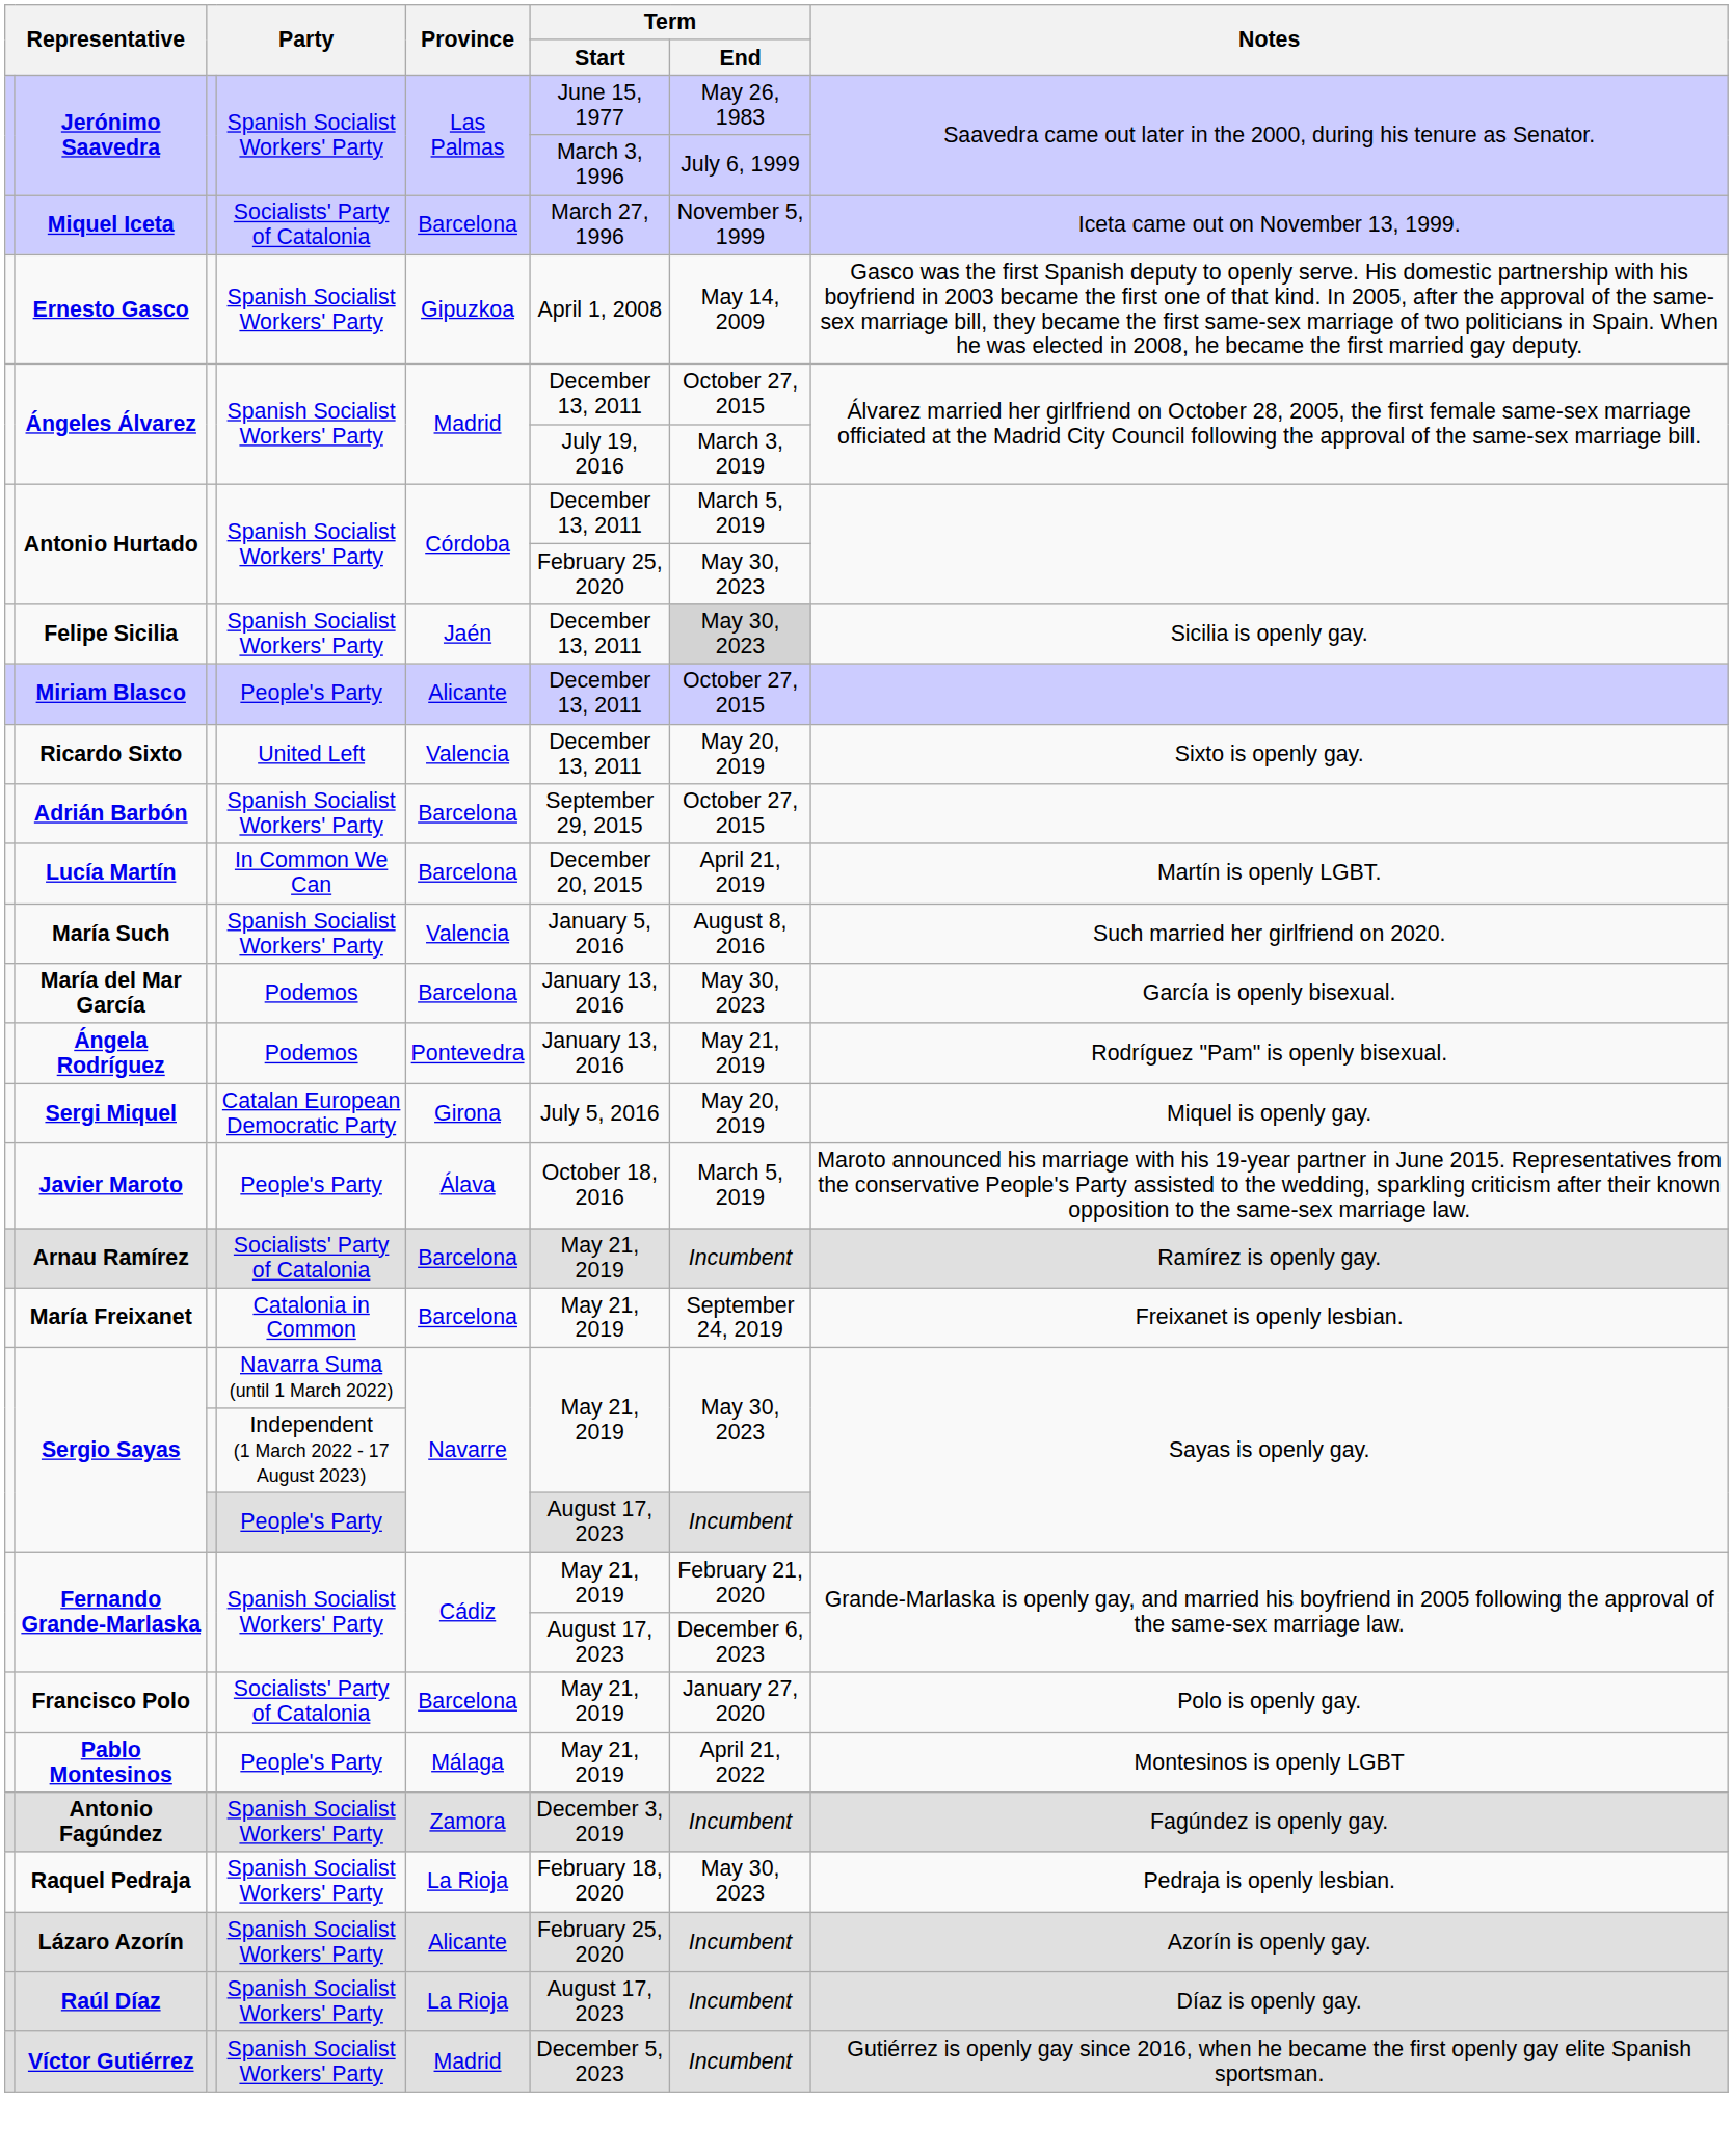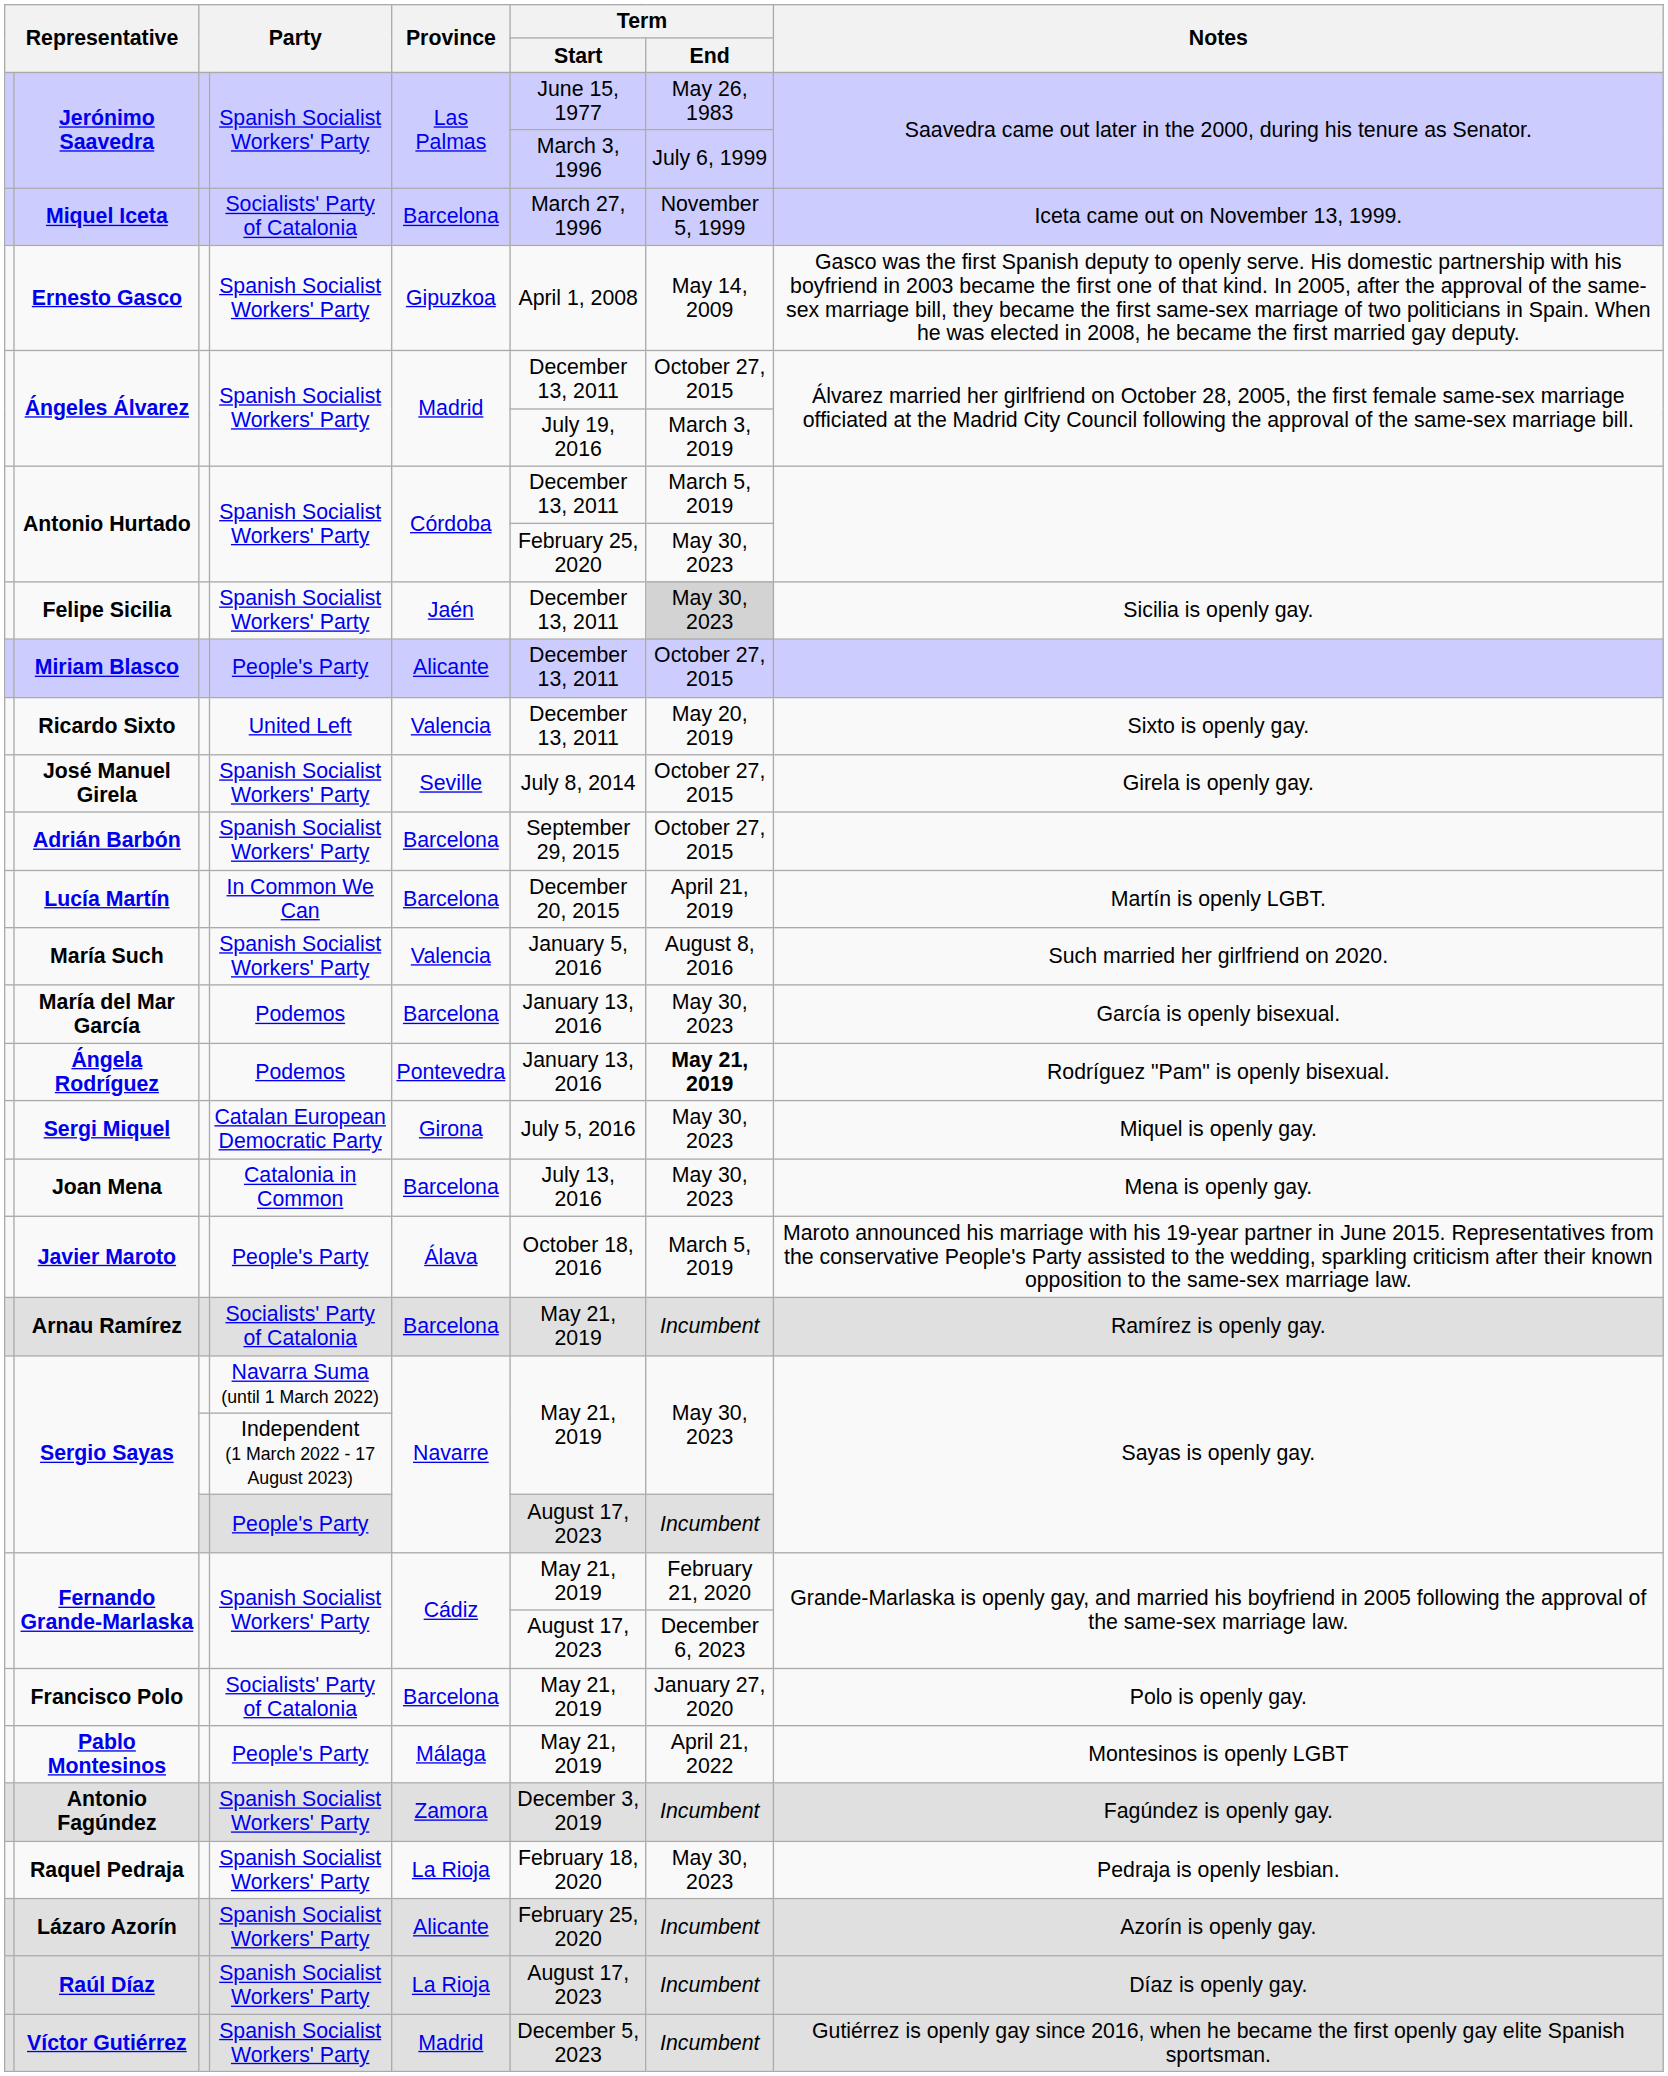 <table class="wikitable sortable" style="text-align:center">
 <tr>
 <th colspan="2" rowspan="2">Representative</th>
 <th colspan="2" rowspan="2">Party</th>
 <th rowspan="2">Province</th>
 <th colspan="2">Term</th>
 <th rowspan="2">Notes</th>
 </tr>
 <tr>
 <th>Start</th>
 <th>End</th>
 </tr>
 <tr style="background:#CCF">
 <td rowspan="2"></td>
 <td rowspan="2"><strong><a href='#'>Jerónimo Saavedra</a></strong></td>
 <td rowspan="2" style="background-color:"></td>
 <td rowspan="2"><a href='#'>Spanish Socialist Workers' Party</a></td>
 <td rowspan="2"><a href='#'>Las Palmas</a></td>
 <td>June 15, 1977</td>
 <td>May 26, 1983</td>
 <td rowspan="2">Saavedra came out later in the 2000, during his tenure as Senator.</td>
 </tr>
 <tr style="background:#CCF">
 <td>March 3, 1996</td>
 <td>July 6, 1999</td>
 </tr>
 <tr style="background:#CCF">
 <td></td>
 <td><strong><a href='#'>Miquel Iceta</a></strong></td>
 <td style="background-color:"></td>
 <td><a href='#'>Socialists' Party of Catalonia</a></td>
 <td><a href='#'>Barcelona</a></td>
 <td>March 27, 1996</td>
 <td>November 5, 1999</td>
 <td>Iceta came out on November 13, 1999.</td>
 </tr>
 <tr>
 <td></td>
 <td><strong><a href='#'>Ernesto Gasco</a></strong></td>
 <td style="background-color:"></td>
 <td><a href='#'>Spanish Socialist Workers' Party</a></td>
 <td><a href='#'>Gipuzkoa</a></td>
 <td>April 1, 2008</td>
 <td>May 14, 2009</td>
 <td>Gasco was the first Spanish deputy to openly serve. His domestic partnership with his boyfriend in 2003 became the first one of that kind. In 2005, after the approval of the same-sex marriage bill, they became the first same-sex marriage of two politicians in Spain. When he was elected in 2008, he became the first married gay deputy.</td>
 </tr>
 <tr>
 <td rowspan="2"></td>
 <td rowspan="2"><strong><a href='#'>Ángeles Álvarez</a></strong></td>
 <td rowspan="2" style="background-color:"></td>
 <td rowspan="2"><a href='#'>Spanish Socialist Workers' Party</a></td>
 <td rowspan="2"><a href='#'>Madrid</a></td>
 <td>December 13, 2011</td>
 <td>October 27, 2015</td>
 <td rowspan="2">Álvarez married her girlfriend on October 28, 2005, the first female same-sex marriage officiated at the Madrid City Council following the approval of the same-sex marriage bill.</td>
 </tr>
 <tr>
 <td>July 19, 2016</td>
 <td>March 3, 2019</td>
 </tr>
 <tr>
 <td rowspan="2"></td>
 <td rowspan="2"><strong>Antonio Hurtado</strong></td>
 <td rowspan="2" style="background-color:"></td>
 <td rowspan="2"><a href='#'>Spanish Socialist Workers' Party</a></td>
 <td rowspan="2"><a href='#'>Córdoba</a></td>
 <td>December 13, 2011</td>
 <td>March 5, 2019</td>
 <td rowspan="2"></td>
 </tr>
 <tr>
 <td>February 25, 2020</td>
 <td>May 30, 2023</td>
 </tr>
 <tr>
 <td></td>
 <td><strong>Felipe Sicilia</strong></td>
 <td style="background-color:"></td>
 <td><a href='#'>Spanish Socialist Workers' Party</a></td>
 <td><a href='#'>Jaén</a></td>
 <td>December 13, 2011</td>
 <td style="background: lightgrey;">May 30, 2023</td>
 <td>Sicilia is openly gay.</td>
 </tr>
 <tr style="background:#CCF">
 <td></td>
 <td><strong><a href='#'>Miriam Blasco</a></strong></td>
 <td style="background-color:"></td>
 <td><a href='#'>People's Party</a></td>
 <td><a href='#'>Alicante</a></td>
 <td>December 13, 2011</td>
 <td>October 27, 2015</td>
 <td></td>
 </tr>
 <tr>
 <td></td>
 <td><strong>Ricardo Sixto</strong></td>
 <td style="background-color:"></td>
 <td><a href='#'>United Left</a></td>
 <td><a href='#'>Valencia</a></td>
 <td>December 13, 2011</td>
 <td>May 20, 2019</td>
 <td>Sixto is openly gay.</td>
 </tr>
 <tr>
 <td></td>
+<td><strong>José Manuel Girela</strong></td>
+<td style="background-color:"></td>
+<td><a href='#'>Spanish Socialist Workers' Party</a></td>
+<td><a href='#'>Seville</a></td>
+<td>July 8, 2014</td>
+<td>October 27, 2015</td>
+<td>Girela is openly gay.</td>
+</tr>
+<tr>
+<td></td>
 <td><strong><a href='#'>Adrián Barbón</a></strong></td>
 <td style="background-color:"></td>
 <td><a href='#'>Spanish Socialist Workers' Party</a></td>
 <td><a href='#'>Barcelona</a></td>
 <td>September 29, 2015</td>
 <td>October 27, 2015</td>
 <td></td>
 </tr>
 <tr>
 <td></td>
 <td><strong><a href='#'>Lucía Martín</a></strong></td>
 <td style="background-color:"></td>
 <td><a href='#'>In Common We Can</a></td>
 <td><a href='#'>Barcelona</a></td>
 <td>December 20, 2015</td>
 <td>April 21, 2019</td>
 <td>Martín is openly LGBT.</td>
 </tr>
 <tr>
 <td></td>
 <td><strong>María Such</strong></td>
 <td style="background-color:"></td>
 <td><a href='#'>Spanish Socialist Workers' Party</a></td>
 <td><a href='#'>Valencia</a></td>
 <td>January 5, 2016</td>
 <td>August 8, 2016</td>
 <td>Such married her girlfriend on 2020.</td>
 </tr>
 <tr>
 <td></td>
 <td><strong>María del Mar García</strong></td>
 <td style="background-color:"></td>
 <td><a href='#'>Podemos</a></td>
 <td><a href='#'>Barcelona</a></td>
 <td>January 13, 2016</td>
 <td>May 30, 2023</td>
 <td>García is openly bisexual.</td>
 </tr>
 <tr>
 <td></td>
 <td><strong><a href='#'>Ángela Rodríguez</a></strong></td>
 <td style="background-color:"></td>
 <td><a href='#'>Podemos</a></td>
 <td><a href='#'>Pontevedra</a></td>
 <td>January 13, 2016</td>
-<td>May 21, 2019</td>
+<td><strong>May 21, 2019</strong></td>
 <td>Rodríguez "Pam" is openly bisexual.</td>
 </tr>
 <tr>
 <td></td>
 <td><strong><a href='#'>Sergi Miquel</a></strong></td>
 <td style="background-color:"></td>
 <td><a href='#'>Catalan European Democratic Party</a></td>
 <td><a href='#'>Girona</a></td>
 <td>July 5, 2016</td>
-<td>May 20, 2019</td>
+<td>May 30, 2023</td>
 <td>Miquel is openly gay.</td>
+</tr>
+<tr>
+<td></td>
+<td><strong>Joan Mena</strong></td>
+<td style="background-color:"></td>
+<td><a href='#'>Catalonia in Common</a></td>
+<td><a href='#'>Barcelona</a></td>
+<td>July 13, 2016</td>
+<td>May 30, 2023</td>
+<td>Mena is openly gay.</td>
 </tr>
 <tr>
 <td></td>
 <td><strong><a href='#'>Javier Maroto</a></strong></td>
 <td style="background-color:"></td>
 <td><a href='#'>People's Party</a></td>
 <td><a href='#'>Álava</a></td>
 <td>October 18, 2016</td>
 <td>March 5, 2019</td>
 <td>Maroto announced his marriage with his 19-year partner in June 2015. Representatives from the conservative People's Party assisted to the wedding, sparkling criticism after their known opposition to the same-sex marriage law.</td>
 </tr>
 <tr style="background:#e0e0e0">
 <td></td>
 <td><strong>Arnau Ramírez</strong></td>
 <td style="background-color:"></td>
 <td><a href='#'>Socialists' Party of Catalonia</a></td>
 <td><a href='#'>Barcelona</a></td>
 <td>May 21, 2019</td>
 <td><em>Incumbent</em></td>
 <td>Ramírez is openly gay.</td>
-</tr>
-<tr>
-<td></td>
-<td><strong>María Freixanet</strong></td>
-<td style="background-color:"></td>
-<td><a href='#'>Catalonia in Common</a></td>
-<td><a href='#'>Barcelona</a></td>
-<td>May 21, 2019</td>
-<td>September 24, 2019</td>
-<td>Freixanet is openly lesbian.</td>
 </tr>
 <tr>
 <td rowspan="3"></td>
 <td rowspan="3"><strong><a href='#'>Sergio Sayas</a></strong></td>
 <td style="background-color:"></td>
 <td><a href='#'>Navarra Suma</a><br><small>(until 1 March 2022)</small></td>
 <td rowspan="3"><a href='#'>Navarre</a></td>
 <td rowspan="2">May 21, 2019</td>
 <td rowspan="2">May 30, 2023</td>
 <td rowspan="3">Sayas is openly gay.</td>
 </tr>
 <tr>
 <td></td>
 <td>Independent<br><small>(1 March 2022 - 17 August 2023)</small></td>
 </tr>
 <tr style="background:#e0e0e0">
 <td style="background-color:"></td>
 <td><a href='#'>People's Party</a></td>
 <td>August 17, 2023</td>
 <td><em>Incumbent</em></td>
 </tr>
 <tr>
 <td rowspan="2"></td>
 <td rowspan="2"><strong><a href='#'>Fernando Grande-Marlaska</a></strong></td>
 <td rowspan="2" style="background-color:"></td>
 <td rowspan="2"><a href='#'>Spanish Socialist Workers' Party</a></td>
 <td rowspan="2"><a href='#'>Cádiz</a></td>
 <td>May 21, 2019</td>
 <td>February 21, 2020</td>
 <td rowspan="2">Grande-Marlaska is openly gay, and married his boyfriend in 2005 following the approval of the same-sex marriage law.</td>
 </tr>
 <tr>
 <td>August 17, 2023</td>
 <td>December 6, 2023</td>
 </tr>
 <tr>
 <td></td>
 <td><strong>Francisco Polo</strong></td>
 <td style="background-color:"></td>
 <td><a href='#'>Socialists' Party of Catalonia</a></td>
 <td><a href='#'>Barcelona</a></td>
 <td>May 21, 2019</td>
 <td>January 27, 2020</td>
 <td>Polo is openly gay.</td>
 </tr>
 <tr>
 <td></td>
 <td><a href='#'><strong>Pablo Montesinos</strong></a></td>
 <td style="background-color:"></td>
 <td><a href='#'>People's Party</a></td>
 <td><a href='#'>Málaga</a></td>
 <td>May 21, 2019</td>
 <td>April 21, 2022</td>
 <td>Montesinos is openly LGBT</td>
 </tr>
 <tr style="background:#e0e0e0">
 <td></td>
 <td><strong>Antonio Fagúndez</strong></td>
 <td style="background-color:"></td>
 <td><a href='#'>Spanish Socialist Workers' Party</a></td>
 <td><a href='#'>Zamora</a></td>
 <td>December 3, 2019</td>
 <td><em>Incumbent</em></td>
 <td>Fagúndez is openly gay.</td>
 </tr>
 <tr>
 <td></td>
 <td><strong>Raquel Pedraja</strong></td>
 <td style="background-color:"></td>
 <td><a href='#'>Spanish Socialist Workers' Party</a></td>
 <td><a href='#'>La Rioja</a></td>
 <td>February 18, 2020</td>
 <td>May 30, 2023</td>
 <td>Pedraja is openly lesbian.</td>
 </tr>
 <tr style="background:#e0e0e0">
 <td></td>
 <td><strong>Lázaro Azorín</strong></td>
 <td style="background-color:"></td>
 <td><a href='#'>Spanish Socialist Workers' Party</a></td>
 <td><a href='#'>Alicante</a></td>
 <td>February 25, 2020</td>
 <td><em>Incumbent</em></td>
 <td>Azorín is openly gay.</td>
 </tr>
 <tr style="background:#e0e0e0">
 <td></td>
 <td><strong><a href='#'>Raúl Díaz</a></strong></td>
 <td style="background-color:"></td>
 <td><a href='#'>Spanish Socialist Workers' Party</a></td>
 <td><a href='#'>La Rioja</a></td>
 <td>August 17, 2023</td>
 <td><em>Incumbent</em></td>
 <td>Díaz is openly gay.</td>
 </tr>
 <tr style="background:#e0e0e0">
 <td></td>
 <td><strong><a href='#'>Víctor Gutiérrez</a></strong></td>
 <td style="background-color:"></td>
 <td><a href='#'>Spanish Socialist Workers' Party</a></td>
 <td><a href='#'>Madrid</a></td>
 <td>December 5, 2023</td>
 <td><em>Incumbent</em></td>
 <td>Gutiérrez is openly gay since 2016, when he became the first openly gay elite Spanish sportsman.</td>
 </tr>
 </table>
